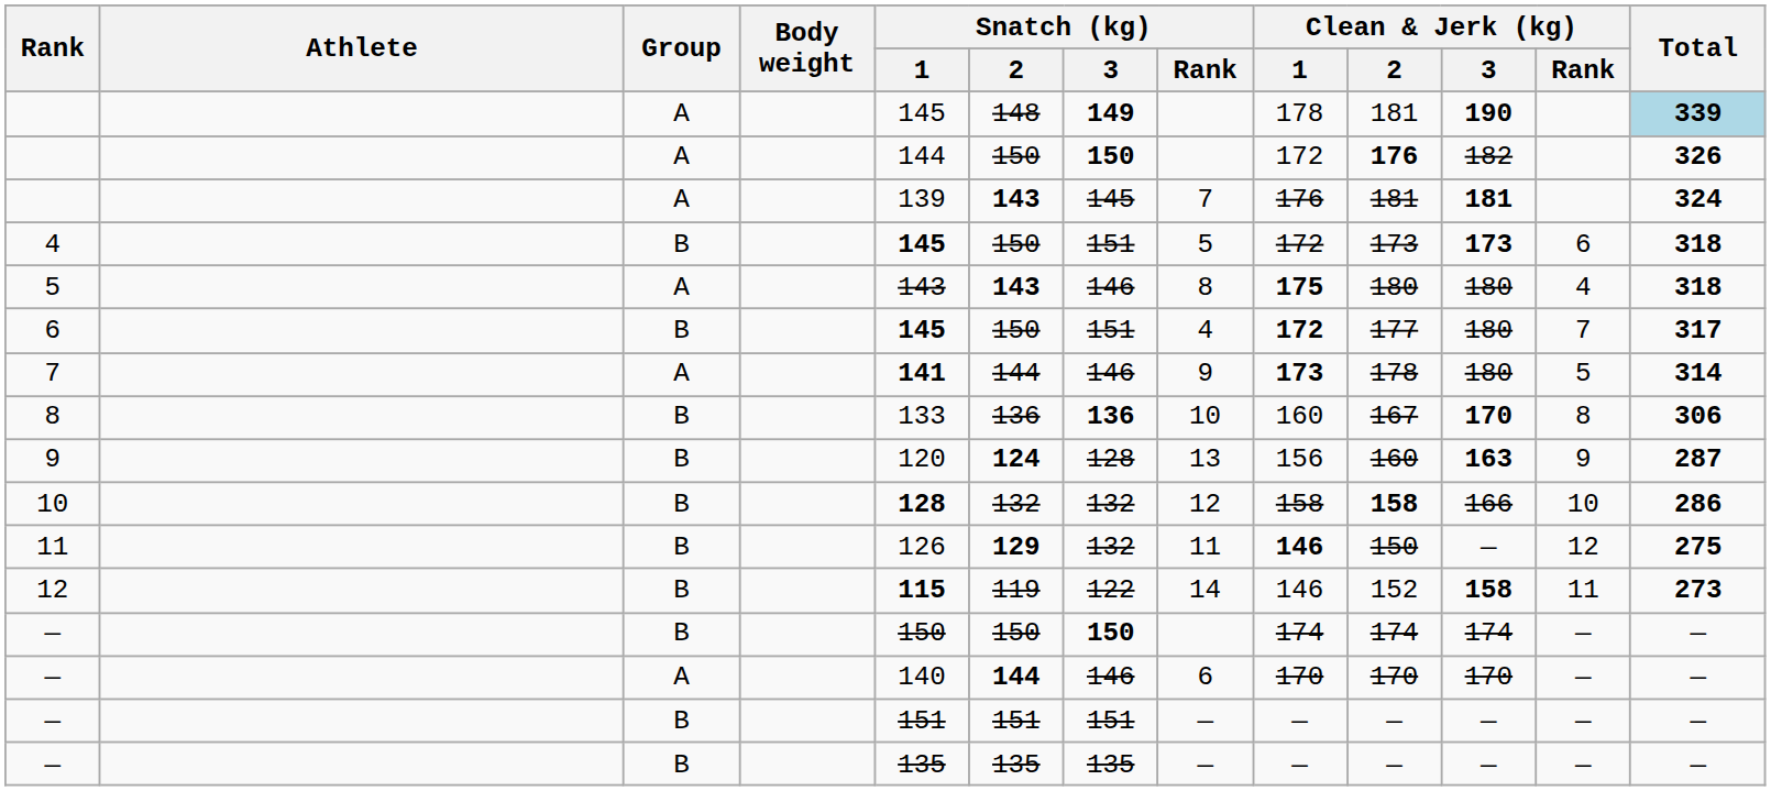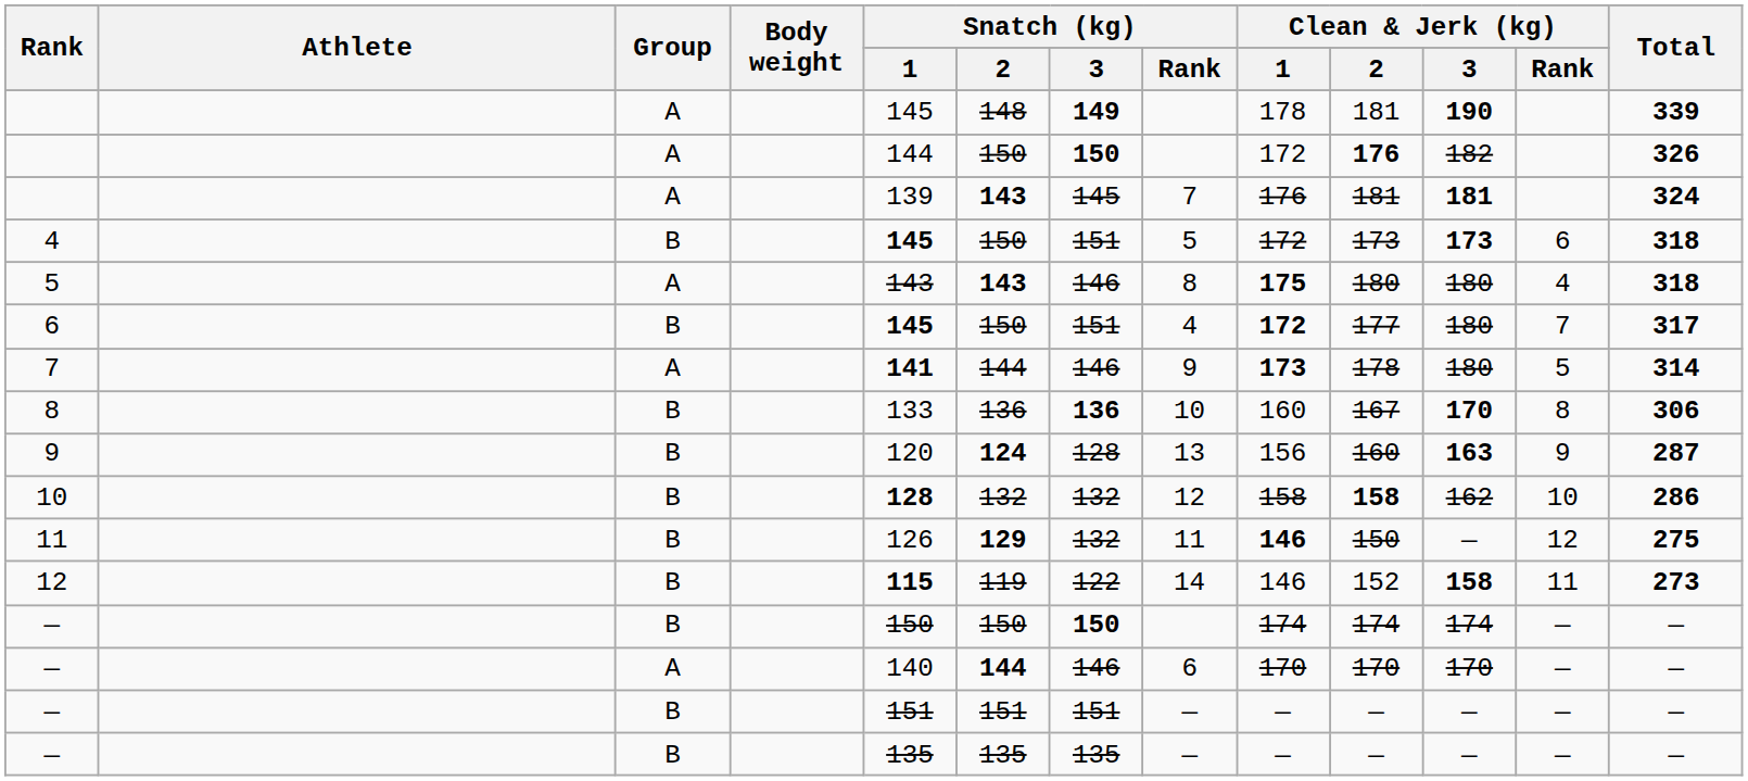 <table class = "wikitable" style="text-align:center;">
 <tr>
 <th rowspan=2 width=40>Rank</th>
 <th rowspan=2 width=250>Athlete</th>
 <th rowspan=2 width=50>Group</th>
 <th rowspan=2 width=60>Body weight</th>
 <th colspan=4>Snatch (kg)</th>
 <th colspan=4>Clean & Jerk (kg)</th>
 <th rowspan=2 width=60>Total</th>
 </tr>
 <tr>
 <th width=40>1</th>
 <th width=40>2</th>
 <th width=40>3</th>
 <th width=40>Rank</th>
 <th width=40>1</th>
 <th width=40>2</th>
 <th width=40>3</th>
 <th width=40>Rank</th>
 </tr>
 <tr>
 <td></td>
 <td align=left></td>
 <td>A</td>
 <td></td>
 <td>145</td>
 <td><s>148</s></td>
 <td><strong>149</strong></td>
 <td></td>
 <td>178</td>
 <td>181</td>
 <td><strong>190</strong></td>
 <td></td>
-<td style="background: lightblue;"><strong>339</strong></td>
+<td><strong>339</strong></td>
 </tr>
 <tr>
 <td></td>
 <td align=left></td>
 <td>A</td>
 <td></td>
 <td>144</td>
 <td><s>150</s></td>
 <td><strong>150</strong></td>
 <td></td>
 <td>172</td>
 <td><strong>176</strong></td>
 <td><s>182</s></td>
 <td></td>
 <td><strong>326</strong></td>
 </tr>
 <tr>
 <td></td>
 <td align=left></td>
 <td>A</td>
 <td></td>
 <td>139</td>
 <td><strong>143</strong></td>
 <td><s>145</s></td>
 <td>7</td>
 <td><s>176</s></td>
 <td><s>181</s></td>
 <td><strong>181</strong></td>
 <td></td>
 <td><strong>324</strong></td>
 </tr>
 <tr>
 <td>4</td>
 <td align=left></td>
 <td>B</td>
 <td></td>
 <td><strong>145</strong></td>
 <td><s>150</s></td>
 <td><s>151</s></td>
 <td>5</td>
 <td><s>172</s></td>
 <td><s>173</s></td>
 <td><strong>173</strong></td>
 <td>6</td>
 <td><strong>318</strong></td>
 </tr>
 <tr>
 <td>5</td>
 <td align=left></td>
 <td>A</td>
 <td></td>
 <td><s>143</s></td>
 <td><strong>143</strong></td>
 <td><s>146</s></td>
 <td>8</td>
 <td><strong>175</strong></td>
 <td><s>180</s></td>
 <td><s>180</s></td>
 <td>4</td>
 <td><strong>318</strong></td>
 </tr>
 <tr>
 <td>6</td>
 <td align=left></td>
 <td>B</td>
 <td></td>
 <td><strong>145</strong></td>
 <td><s>150</s></td>
 <td><s>151</s></td>
 <td>4</td>
 <td><strong>172</strong></td>
 <td><s>177</s></td>
 <td><s>180</s></td>
 <td>7</td>
 <td><strong>317</strong></td>
 </tr>
 <tr>
 <td>7</td>
 <td align=left></td>
 <td>A</td>
 <td></td>
 <td><strong>141</strong></td>
 <td><s>144</s></td>
 <td><s>146</s></td>
 <td>9</td>
 <td><strong>173</strong></td>
 <td><s>178</s></td>
 <td><s>180</s></td>
 <td>5</td>
 <td><strong>314</strong></td>
 </tr>
 <tr>
 <td>8</td>
 <td align=left></td>
 <td>B</td>
 <td></td>
 <td>133</td>
 <td><s>136</s></td>
 <td><strong>136</strong></td>
 <td>10</td>
 <td>160</td>
 <td><s>167</s></td>
 <td><strong>170</strong></td>
 <td>8</td>
 <td><strong>306</strong></td>
 </tr>
 <tr>
 <td>9</td>
 <td align=left></td>
 <td>B</td>
 <td></td>
 <td>120</td>
 <td><strong>124</strong></td>
 <td><s>128</s></td>
 <td>13</td>
 <td>156</td>
 <td><s>160</s></td>
 <td><strong>163</strong></td>
 <td>9</td>
 <td><strong>287</strong></td>
 </tr>
 <tr>
 <td>10</td>
 <td align=left></td>
 <td>B</td>
 <td></td>
 <td><strong>128</strong></td>
 <td><s>132</s></td>
 <td><s>132</s></td>
 <td>12</td>
 <td><s>158</s></td>
 <td><strong>158</strong></td>
-<td><s>166</s></td>
+<td><s>162</s></td>
 <td>10</td>
 <td><strong>286</strong></td>
 </tr>
 <tr>
 <td>11</td>
 <td align=left></td>
 <td>B</td>
 <td></td>
 <td>126</td>
 <td><strong>129</strong></td>
 <td><s>132</s></td>
 <td>11</td>
 <td><strong>146</strong></td>
 <td><s>150</s></td>
 <td>—</td>
 <td>12</td>
 <td><strong>275</strong></td>
 </tr>
 <tr>
 <td>12</td>
 <td align=left></td>
 <td>B</td>
 <td></td>
 <td><strong>115</strong></td>
 <td><s>119</s></td>
 <td><s>122</s></td>
 <td>14</td>
 <td>146</td>
 <td>152</td>
 <td><strong>158</strong></td>
 <td>11</td>
 <td><strong>273</strong></td>
 </tr>
 <tr>
 <td>—</td>
 <td align=left></td>
 <td>B</td>
 <td></td>
 <td><s>150</s></td>
 <td><s>150</s></td>
 <td><strong>150</strong></td>
 <td></td>
 <td><s>174</s></td>
 <td><s>174</s></td>
 <td><s>174</s></td>
 <td>—</td>
 <td>—</td>
 </tr>
 <tr>
 <td>—</td>
 <td align=left></td>
 <td>A</td>
 <td></td>
 <td>140</td>
 <td><strong>144</strong></td>
 <td><s>146</s></td>
 <td>6</td>
 <td><s>170</s></td>
 <td><s>170</s></td>
 <td><s>170</s></td>
 <td>—</td>
 <td>—</td>
 </tr>
 <tr>
 <td>—</td>
 <td align=left></td>
 <td>B</td>
 <td></td>
 <td><s>151</s></td>
 <td><s>151</s></td>
 <td><s>151</s></td>
 <td>—</td>
 <td>—</td>
 <td>—</td>
 <td>—</td>
 <td>—</td>
 <td>—</td>
 </tr>
 <tr>
 <td>—</td>
 <td align=left></td>
 <td>B</td>
 <td></td>
 <td><s>135</s></td>
 <td><s>135</s></td>
 <td><s>135</s></td>
 <td>—</td>
 <td>—</td>
 <td>—</td>
 <td>—</td>
 <td>—</td>
 <td>—</td>
 </tr>
 </table>
